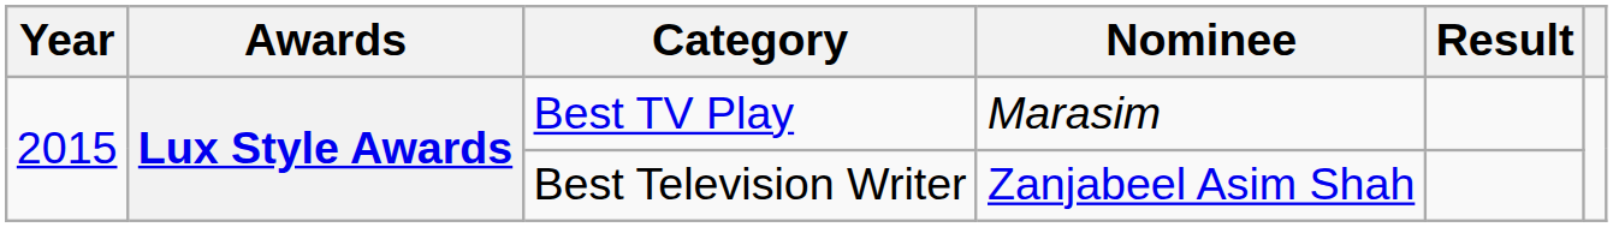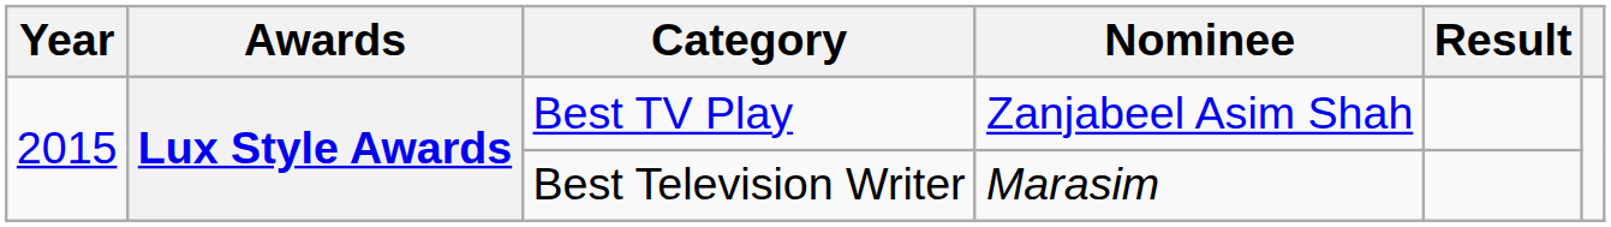 <table class="wikitable plainrowheaders">
 <tr>
 <th>Year</th>
 <th>Awards</th>
 <th>Category</th>
 <th>Nominee</th>
 <th>Result</th>
 <th></th>
 </tr>
 <tr>
 <td rowspan="2"><a href='#'>2015</a></td>
 <th scope="row" rowspan="2"><a href='#'>Lux Style Awards</a></th>
 <td><a href='#'>Best TV Play</a></td>
-<td><em>Marasim</em></td>
+<td><a href='#'>Zanjabeel Asim Shah</a></td>
 <td></td>
 <td rowspan="2"></td>
 </tr>
 <tr>
 <td>Best Television Writer</td>
-<td><a href='#'>Zanjabeel Asim Shah</a></td>
+<td><em>Marasim</em></td>
 <td></td>
 </tr>
 </table>
